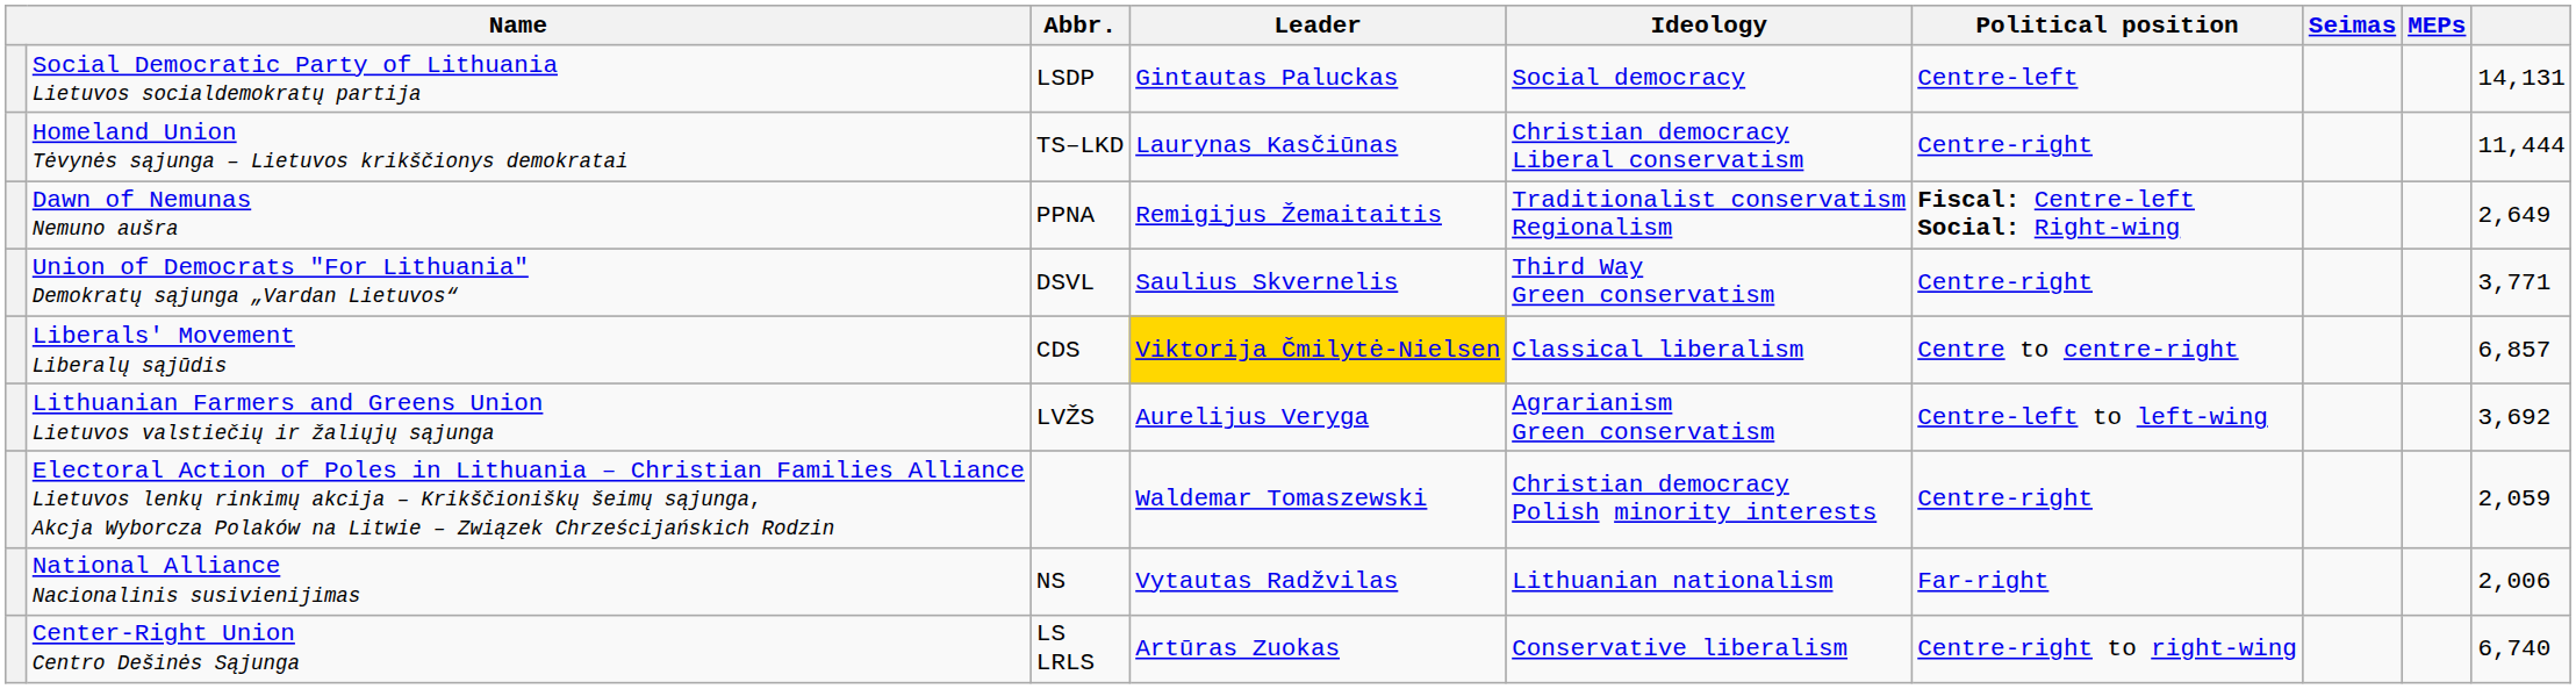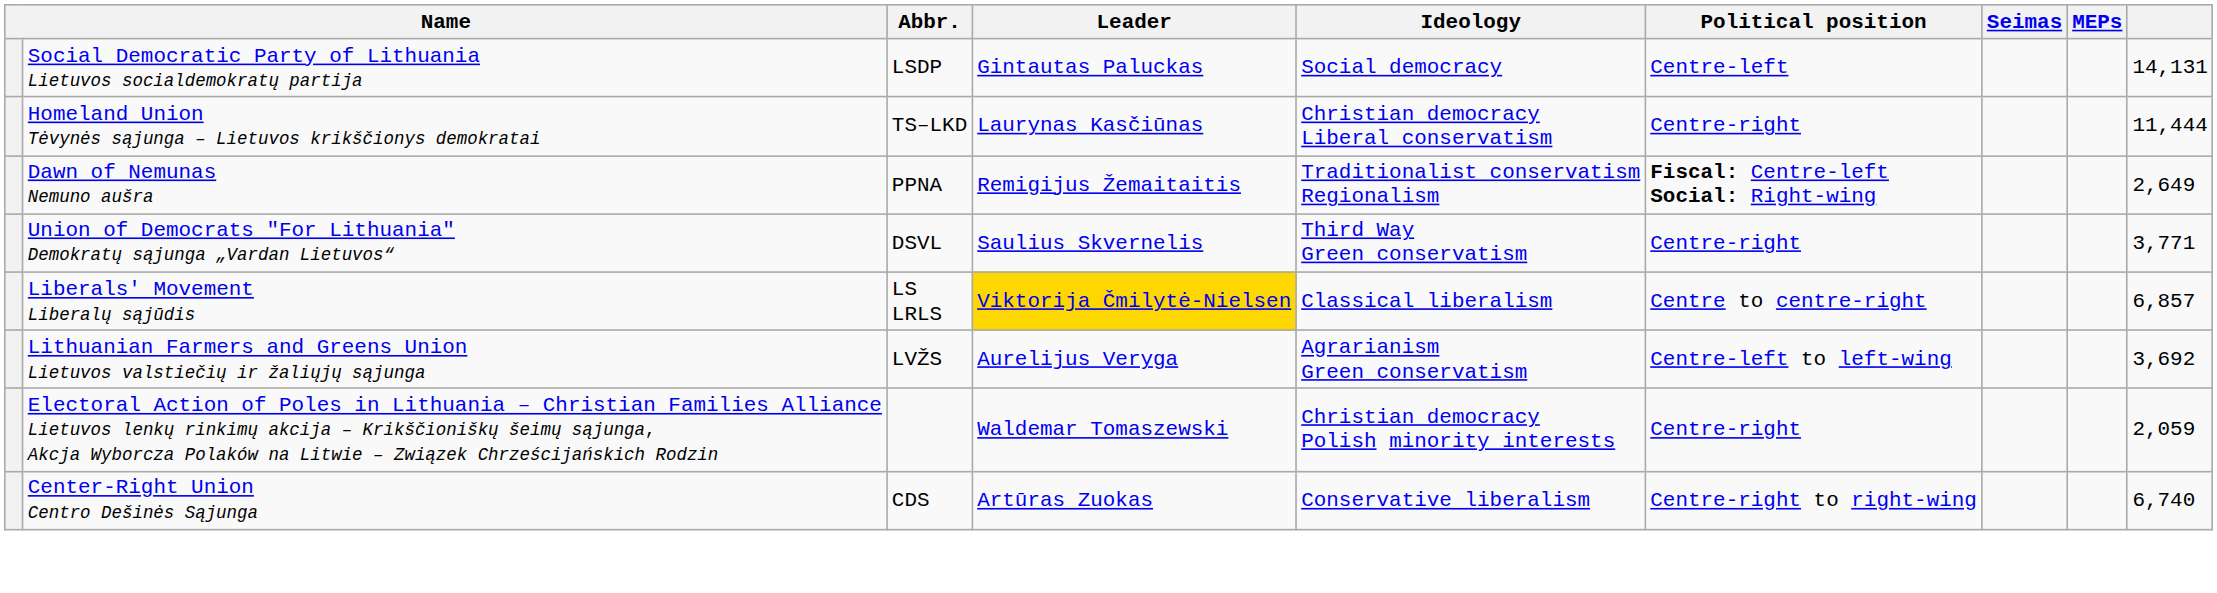 <table class="wikitable sortable">
 <tr>
 <th colspan=2>Name</th>
 <th>Abbr.</th>
 <th>Leader</th>
 <th>Ideology</th>
 <th>Political position</th>
 <th><a href='#'>Seimas</a></th>
 <th><a href='#'>MEPs</a></th>
 <th></th>
 </tr>
 <tr>
 <th style="background-color: "></th>
 <td><a href='#'>Social Democratic Party of Lithuania</a> <br><small><em>Lietuvos socialdemokratų partija</em></small></td>
 <td>LSDP</td>
 <td><a href='#'>Gintautas Paluckas</a></td>
 <td><a href='#'>Social democracy</a></td>
 <td><a href='#'>Centre-left</a></td>
 <td></td>
 <td></td>
 <td>14,131</td>
 </tr>
 <tr>
 <th width="5px" style="background-color: "></th>
 <td><a href='#'>Homeland Union</a>  <br><small><em>Tėvynės sąjunga – Lietuvos krikščionys demokratai</em></small></td>
 <td>TS–LKD</td>
 <td><a href='#'>Laurynas Kasčiūnas</a></td>
 <td><a href='#'>Christian democracy</a><br><a href='#'>Liberal conservatism</a></td>
 <td><a href='#'>Centre-right</a></td>
 <td></td>
 <td></td>
 <td> 11,444</td>
 </tr>
 <tr>
 <th style="background-color: "></th>
 <td><a href='#'>Dawn of Nemunas</a>  <br><small><em>Nemuno aušra</em></small></td>
 <td>PPNA</td>
 <td><a href='#'>Remigijus Žemaitaitis</a></td>
 <td><a href='#'>Traditionalist conservatism</a><br><a href='#'>Regionalism</a></td>
 <td><strong>Fiscal:</strong> <a href='#'>Centre-left</a><br><strong>Social:</strong> <a href='#'>Right-wing</a></td>
 <td></td>
 <td></td>
 <td> 2,649</td>
 </tr>
 <tr>
 <th style="background-color:"></th>
 <td><a href='#'>Union of Democrats "For Lithuania"</a>  <br><small><em>Demokratų sąjunga „Vardan Lietuvos“</em></small></td>
 <td>DSVL</td>
 <td><a href='#'>Saulius Skvernelis</a></td>
 <td><a href='#'>Third Way</a><br><a href='#'>Green conservatism</a></td>
 <td><a href='#'>Centre-right</a></td>
 <td></td>
 <td></td>
 <td> 3,771</td>
 </tr>
 <tr>
 <th style="background-color: "></th>
 <td><a href='#'>Liberals' Movement</a>  <br><small><em>Liberalų sąjūdis</em></small></td>
-<td>CDS</td>
+<td>LS<br>LRLS</td>
 <td style="background: gold;"><a href='#'>Viktorija Čmilytė-Nielsen</a></td>
 <td><a href='#'>Classical liberalism</a></td>
 <td><a href='#'>Centre</a> to <a href='#'>centre-right</a></td>
 <td></td>
 <td></td>
 <td> 6,857</td>
 </tr>
 <tr>
 <th style="background-color: "></th>
 <td><a href='#'>Lithuanian Farmers and Greens Union</a>  <br><small><em>Lietuvos valstiečių ir žaliųjų sąjunga</em></small></td>
 <td>LVŽS</td>
 <td><a href='#'>Aurelijus Veryga</a></td>
 <td><a href='#'>Agrarianism</a>  <br><a href='#'>Green conservatism</a></td>
 <td><a href='#'>Centre-left</a> to <a href='#'>left-wing</a></td>
 <td></td>
 <td></td>
 <td> 3,692</td>
 </tr>
 <tr>
 <th style="background-color: "></th>
 <td><a href='#'>Electoral Action of Poles in Lithuania – Christian Families Alliance</a>  <br><small><em>Lietuvos lenkų rinkimų akcija – Krikščioniškų šeimų sąjunga</em>,  <br><em>Akcja Wyborcza Polaków na Litwie – Związek Chrześcijańskich Rodzin</em></small></td>
 <td></td>
 <td><a href='#'>Waldemar Tomaszewski</a></td>
 <td><a href='#'>Christian democracy</a><br><a href='#'>Polish</a> <a href='#'>minority interests</a></td>
 <td><a href='#'>Centre-right</a></td>
 <td></td>
 <td></td>
 <td> 2,059</td>
 </tr>
 <tr>
 <th width="5px" style="background-color: "></th>
-<td><a href='#'>National Alliance</a> <br><small><em>Nacionalinis susivienijimas</em></small></td>
-<td>NS</td>
-<td><a href='#'>Vytautas Radžvilas</a></td>
-<td><a href='#'>Lithuanian nationalism</a></td>
-<td><a href='#'>Far-right</a></td>
-<td></td>
-<td></td>
-<td> 2,006</td>
-</tr>
-<tr>
-<th width="5px" style="background-color: "></th>
 <td><a href='#'>Center-Right Union</a> <br><small><em>Centro Dešinės Sąjunga</em></small></td>
-<td>LS<br>LRLS</td>
+<td>CDS</td>
 <td><a href='#'>Artūras Zuokas</a></td>
 <td><a href='#'>Conservative liberalism</a></td>
 <td><a href='#'>Centre-right</a> to <a href='#'>right-wing</a></td>
 <td></td>
 <td></td>
 <td> 6,740</td>
 </tr>
 </table>
